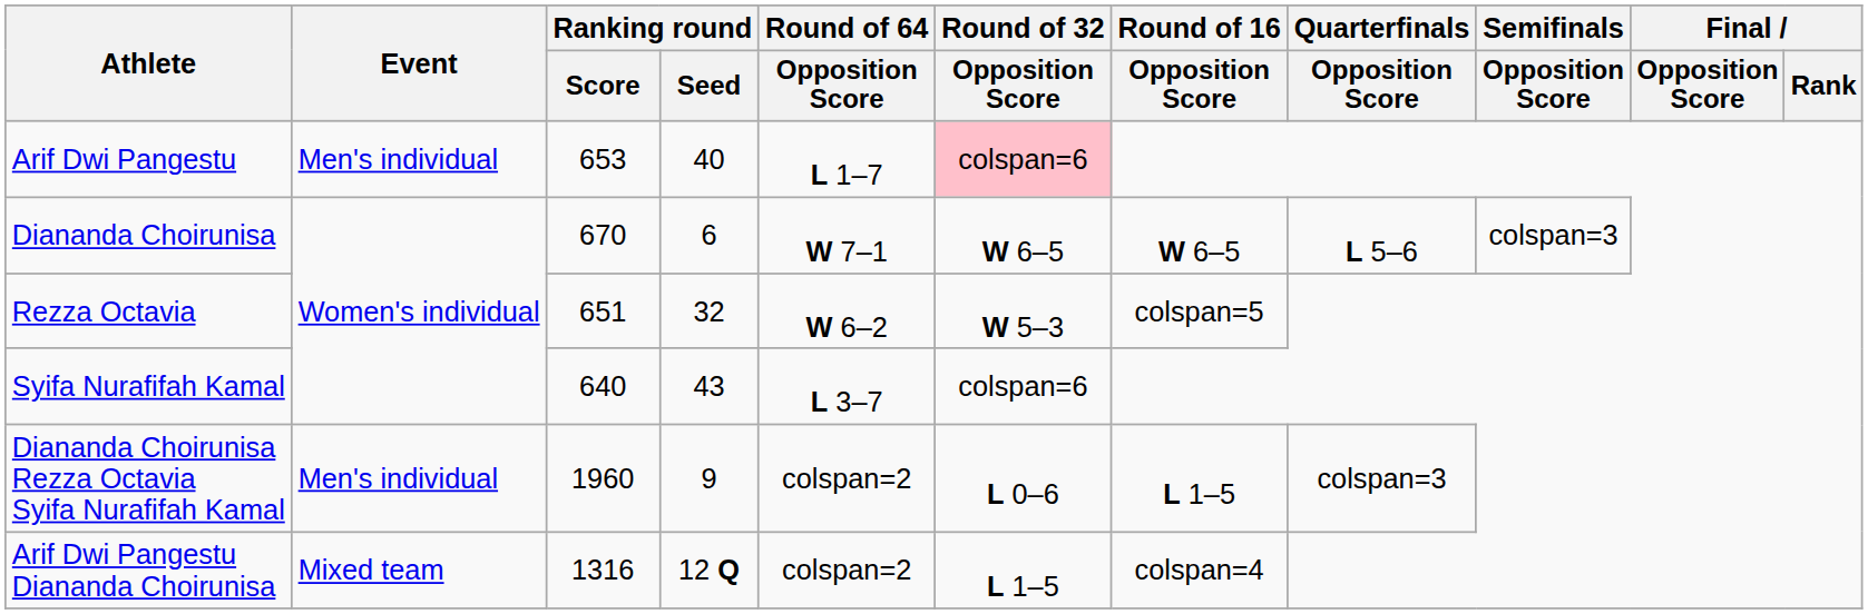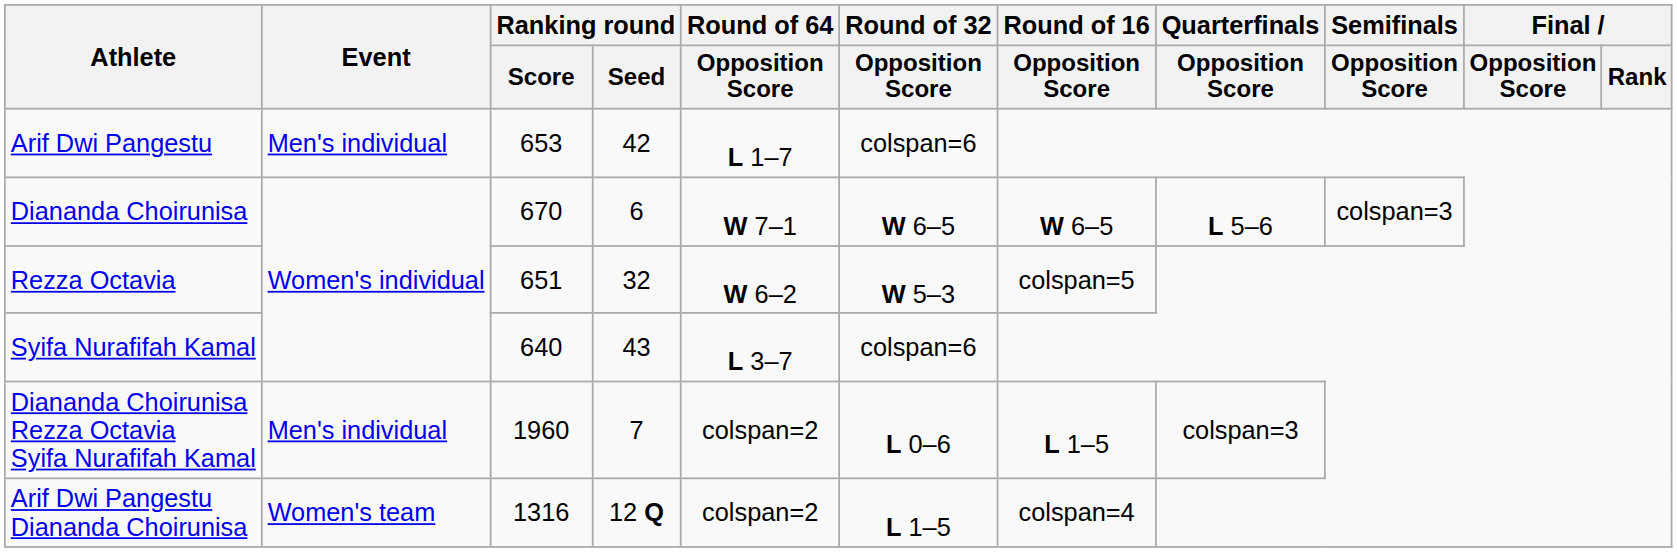 <table class="wikitable" style="font-size:90%; text-align:center">
 <tr>
 <th rowspan=2>Athlete</th>
 <th rowspan=2>Event</th>
 <th colspan="2">Ranking round</th>
 <th>Round of 64</th>
 <th>Round of 32</th>
 <th>Round of 16</th>
 <th>Quarterfinals</th>
 <th>Semifinals</th>
 <th colspan="2">Final / </th>
 </tr>
 <tr style="font-size:95%">
 <th>Score</th>
 <th>Seed</th>
 <th>Opposition<br>Score</th>
 <th>Opposition<br>Score</th>
 <th>Opposition<br>Score</th>
 <th>Opposition<br>Score</th>
 <th>Opposition<br>Score</th>
 <th>Opposition<br>Score</th>
 <th>Rank</th>
 </tr>
 <tr align=center>
 <td align=left><a href='#'>Arif Dwi Pangestu</a></td>
 <td align=left><a href='#'>Men's individual</a></td>
 <td>653</td>
-<td>40</td>
+<td>42</td>
 <td><br><strong>L</strong> 1–7</td>
-<td style="background: pink;">colspan=6 </td>
+<td>colspan=6 </td>
 </tr>
 <tr>
 <td align=left><a href='#'>Diananda Choirunisa</a></td>
 <td align=left rowspan=3><a href='#'>Women's individual</a></td>
 <td>670</td>
 <td>6</td>
 <td><br><strong>W</strong> 7–1</td>
 <td><br><strong>W</strong> 6–5</td>
 <td><br><strong>W</strong> 6–5</td>
 <td><br><strong>L</strong> 5–6</td>
 <td>colspan=3 </td>
 </tr>
 <tr>
 <td align=left><a href='#'>Rezza Octavia</a></td>
 <td>651</td>
 <td>32</td>
 <td><br><strong>W</strong> 6–2</td>
 <td><br><strong>W</strong> 5–3</td>
 <td>colspan=5 </td>
 </tr>
 <tr>
 <td align=left><a href='#'>Syifa Nurafifah Kamal</a></td>
 <td>640</td>
 <td>43</td>
 <td><br><strong>L</strong> 3–7</td>
 <td>colspan=6 </td>
 </tr>
 <tr align=center>
 <td align=left><a href='#'>Diananda Choirunisa</a><br><a href='#'>Rezza Octavia</a><br><a href='#'>Syifa Nurafifah Kamal</a></td>
 <td align=left><a href='#'>Men's individual</a></td>
 <td>1960</td>
-<td>9</td>
+<td>7</td>
 <td>colspan=2 </td>
 <td><br><strong>L</strong> 0–6</td>
 <td><br><strong>L</strong> 1–5</td>
 <td>colspan=3 </td>
 </tr>
 <tr>
 <td align=left><a href='#'>Arif Dwi Pangestu</a><br><a href='#'>Diananda Choirunisa</a></td>
-<td align=left><a href='#'>Mixed team</a></td>
+<td align=left><a href='#'>Women's team</a></td>
 <td>1316</td>
 <td>12 <strong>Q</strong></td>
 <td>colspan=2 </td>
 <td><br><strong>L</strong> 1–5</td>
 <td>colspan=4 </td>
 </tr>
 </table>
